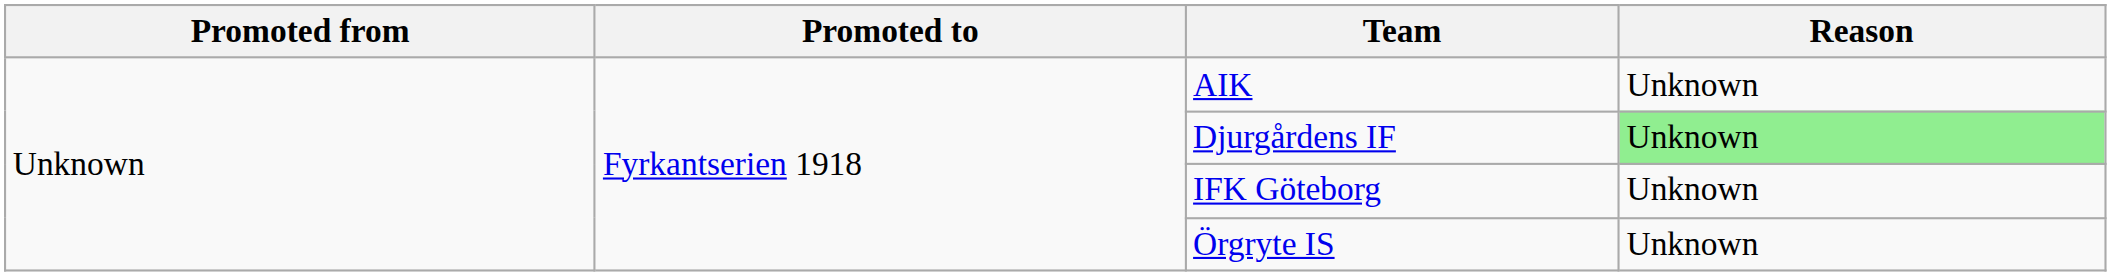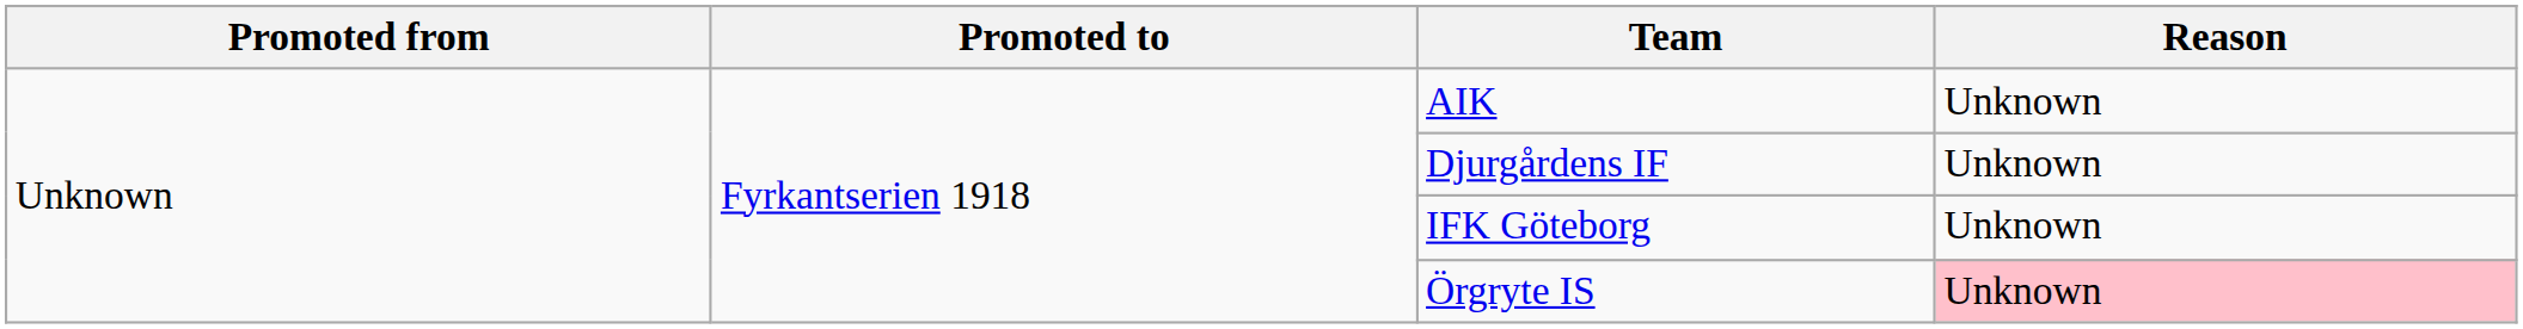 <table class="wikitable" style="text-align: left;">
 <tr>
 <th style="width: 275px;">Promoted from</th>
 <th style="width: 275px;">Promoted to</th>
 <th style="width: 200px;">Team</th>
 <th style="width: 225px;">Reason</th>
 </tr>
 <tr>
 <td rowspan=4>Unknown</td>
 <td rowspan=4><a href='#'>Fyrkantserien</a> 1918</td>
 <td><a href='#'>AIK</a></td>
 <td>Unknown</td>
 </tr>
 <tr>
 <td><a href='#'>Djurgårdens IF</a></td>
-<td style="background: lightgreen;">Unknown</td>
+<td>Unknown</td>
 </tr>
 <tr>
 <td><a href='#'>IFK Göteborg</a></td>
 <td>Unknown</td>
 </tr>
 <tr>
 <td><a href='#'>Örgryte IS</a></td>
-<td>Unknown</td>
+<td style="background: pink;">Unknown</td>
 </tr>
 </table>
